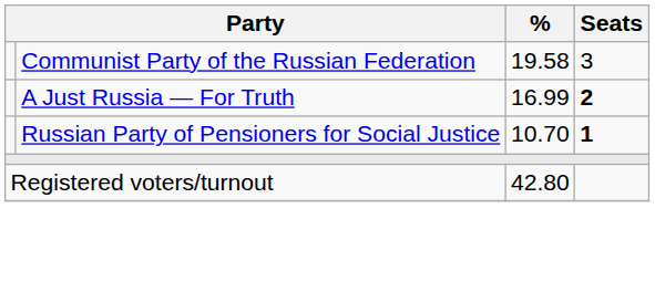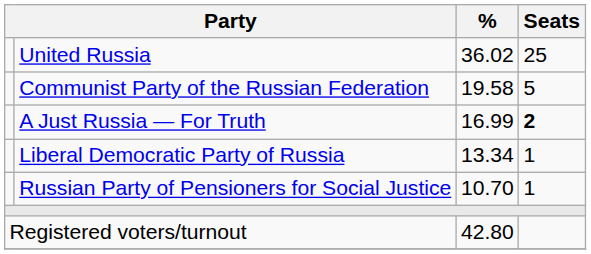 <table class="wikitable">
 <tr>
 <th colspan=2>Party</th>
 <th>%</th>
 <th>Seats</th>
 </tr>
 <tr>
 <td style="background:"></td>
+<td><a href='#'>United Russia</a></td>
+<td>36.02</td>
+<td>25</td>
+</tr>
+<tr>
+<td style="background:"></td>
 <td><a href='#'>Communist Party of the Russian Federation</a></td>
 <td>19.58</td>
-<td>3</td>
+<td>5</td>
 </tr>
 <tr>
 <td style="background:"></td>
 <td><a href='#'>A Just Russia — For Truth</a></td>
 <td>16.99</td>
 <td><strong>2</strong></td>
 </tr>
 <tr>
 <td style="background:"></td>
+<td><a href='#'>Liberal Democratic Party of Russia</a></td>
+<td>13.34</td>
+<td>1</td>
+</tr>
+<tr>
+<td style="background:"></td>
 <td><a href='#'>Russian Party of Pensioners for Social Justice</a></td>
 <td>10.70</td>
-<td><strong>1</strong></td>
+<td>1</td>
 </tr>
 <tr>
 <td colspan=4 style="background:#E9E9E9;"></td>
 </tr>
 <tr>
 <td align=left colspan=2>Registered voters/turnout</td>
 <td>42.80</td>
 <td></td>
 </tr>
 <tr>
 </tr>
 </table>
